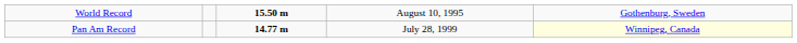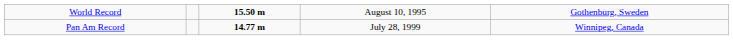 <table class="wikitable" style=" text-align:center; font-size:95%;" width="75%">
 <tr>
 <td><a href='#'>World Record</a></td>
 <td></td>
 <td><strong>15.50 m </strong></td>
 <td>August 10, 1995</td>
 <td> <a href='#'>Gothenburg, Sweden</a></td>
 </tr>
 <tr>
 <td><a href='#'>Pan Am Record</a></td>
 <td></td>
 <td><strong>14.77 m </strong></td>
 <td>July 28, 1999</td>
-<td style="background: lightyellow;"> <a href='#'>Winnipeg, Canada</a></td>
+<td> <a href='#'>Winnipeg, Canada</a></td>
 </tr>
 </table>
